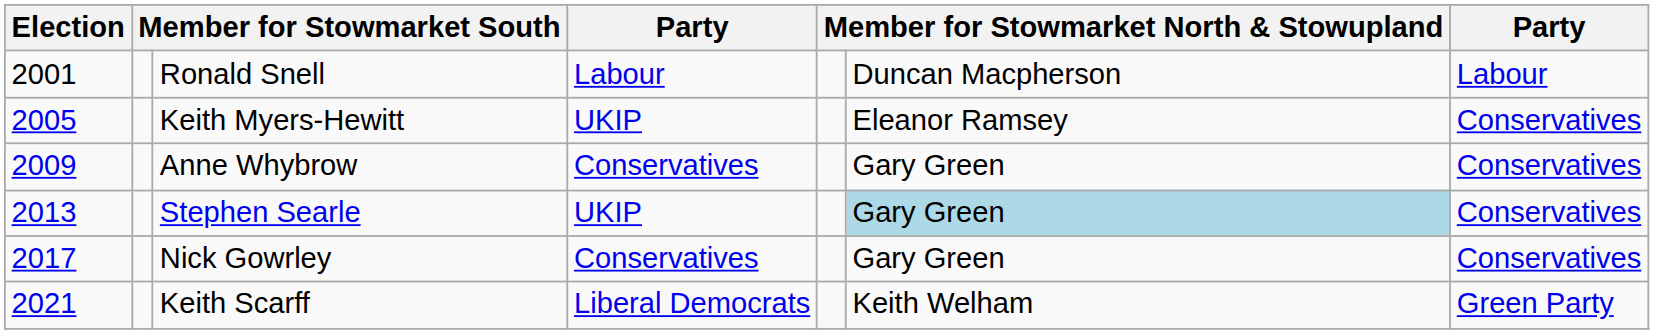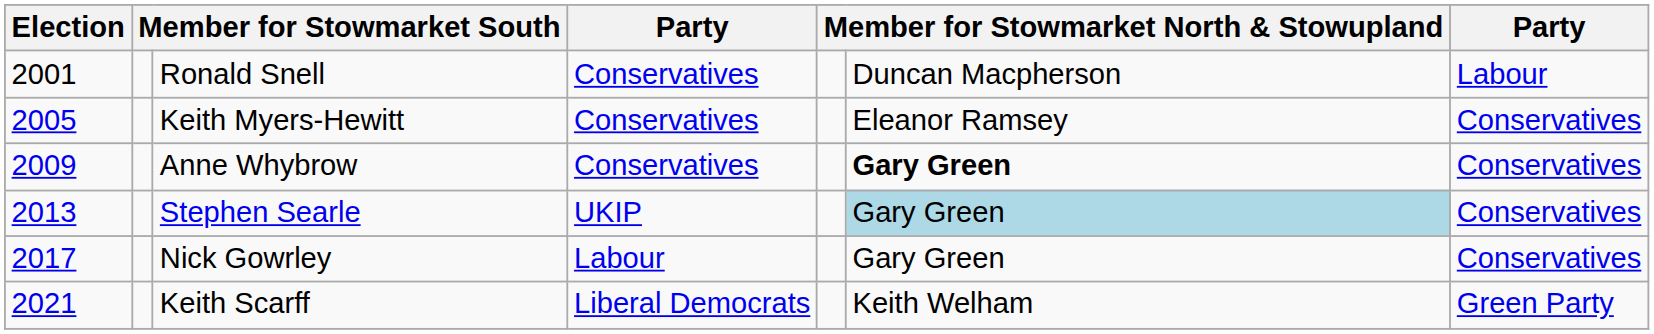 <table class="wikitable">
 <tr>
 <th>Election</th>
 <th colspan="2">Member for Stowmarket South</th>
 <th>Party</th>
 <th colspan="2">Member for Stowmarket North & Stowupland</th>
 <th>Party</th>
 </tr>
 <tr>
 <td>2001</td>
 <td style="background-color: "></td>
 <td>Ronald Snell</td>
-<td><a href='#'>Labour</a></td>
+<td><a href='#'>Conservatives</a></td>
 <td style="background-color: "></td>
 <td>Duncan Macpherson</td>
 <td><a href='#'>Labour</a></td>
 </tr>
 <tr>
 <td><a href='#'>2005</a></td>
 <td style="background-color: "></td>
 <td>Keith Myers-Hewitt</td>
-<td><a href='#'>UKIP</a></td>
+<td><a href='#'>Conservatives</a></td>
 <td style="background-color: "></td>
 <td>Eleanor Ramsey</td>
 <td><a href='#'>Conservatives</a></td>
 </tr>
 <tr>
 <td><a href='#'>2009</a></td>
 <td style="background-color: "></td>
 <td>Anne Whybrow</td>
 <td><a href='#'>Conservatives</a></td>
 <td style="background-color: "></td>
-<td>Gary Green</td>
+<td><strong>Gary Green</strong></td>
 <td><a href='#'>Conservatives</a></td>
 </tr>
 <tr>
 <td><a href='#'>2013</a></td>
 <td style="background-color: "></td>
 <td><a href='#'>Stephen Searle</a></td>
 <td><a href='#'>UKIP</a></td>
 <td style="background-color: "></td>
 <td style="background: lightblue;">Gary Green</td>
 <td><a href='#'>Conservatives</a></td>
 </tr>
 <tr>
 <td><a href='#'>2017</a></td>
 <td style="background-color: "></td>
 <td>Nick Gowrley</td>
-<td><a href='#'>Conservatives</a></td>
+<td><a href='#'>Labour</a></td>
 <td style="background-color: "></td>
 <td>Gary Green</td>
 <td><a href='#'>Conservatives</a></td>
 </tr>
 <tr>
 <td><a href='#'>2021</a></td>
 <td style="background-color: "></td>
 <td>Keith Scarff</td>
 <td><a href='#'>Liberal Democrats</a></td>
 <td style="background-color: "></td>
 <td>Keith Welham</td>
 <td><a href='#'>Green Party</a></td>
 </tr>
 </table>
